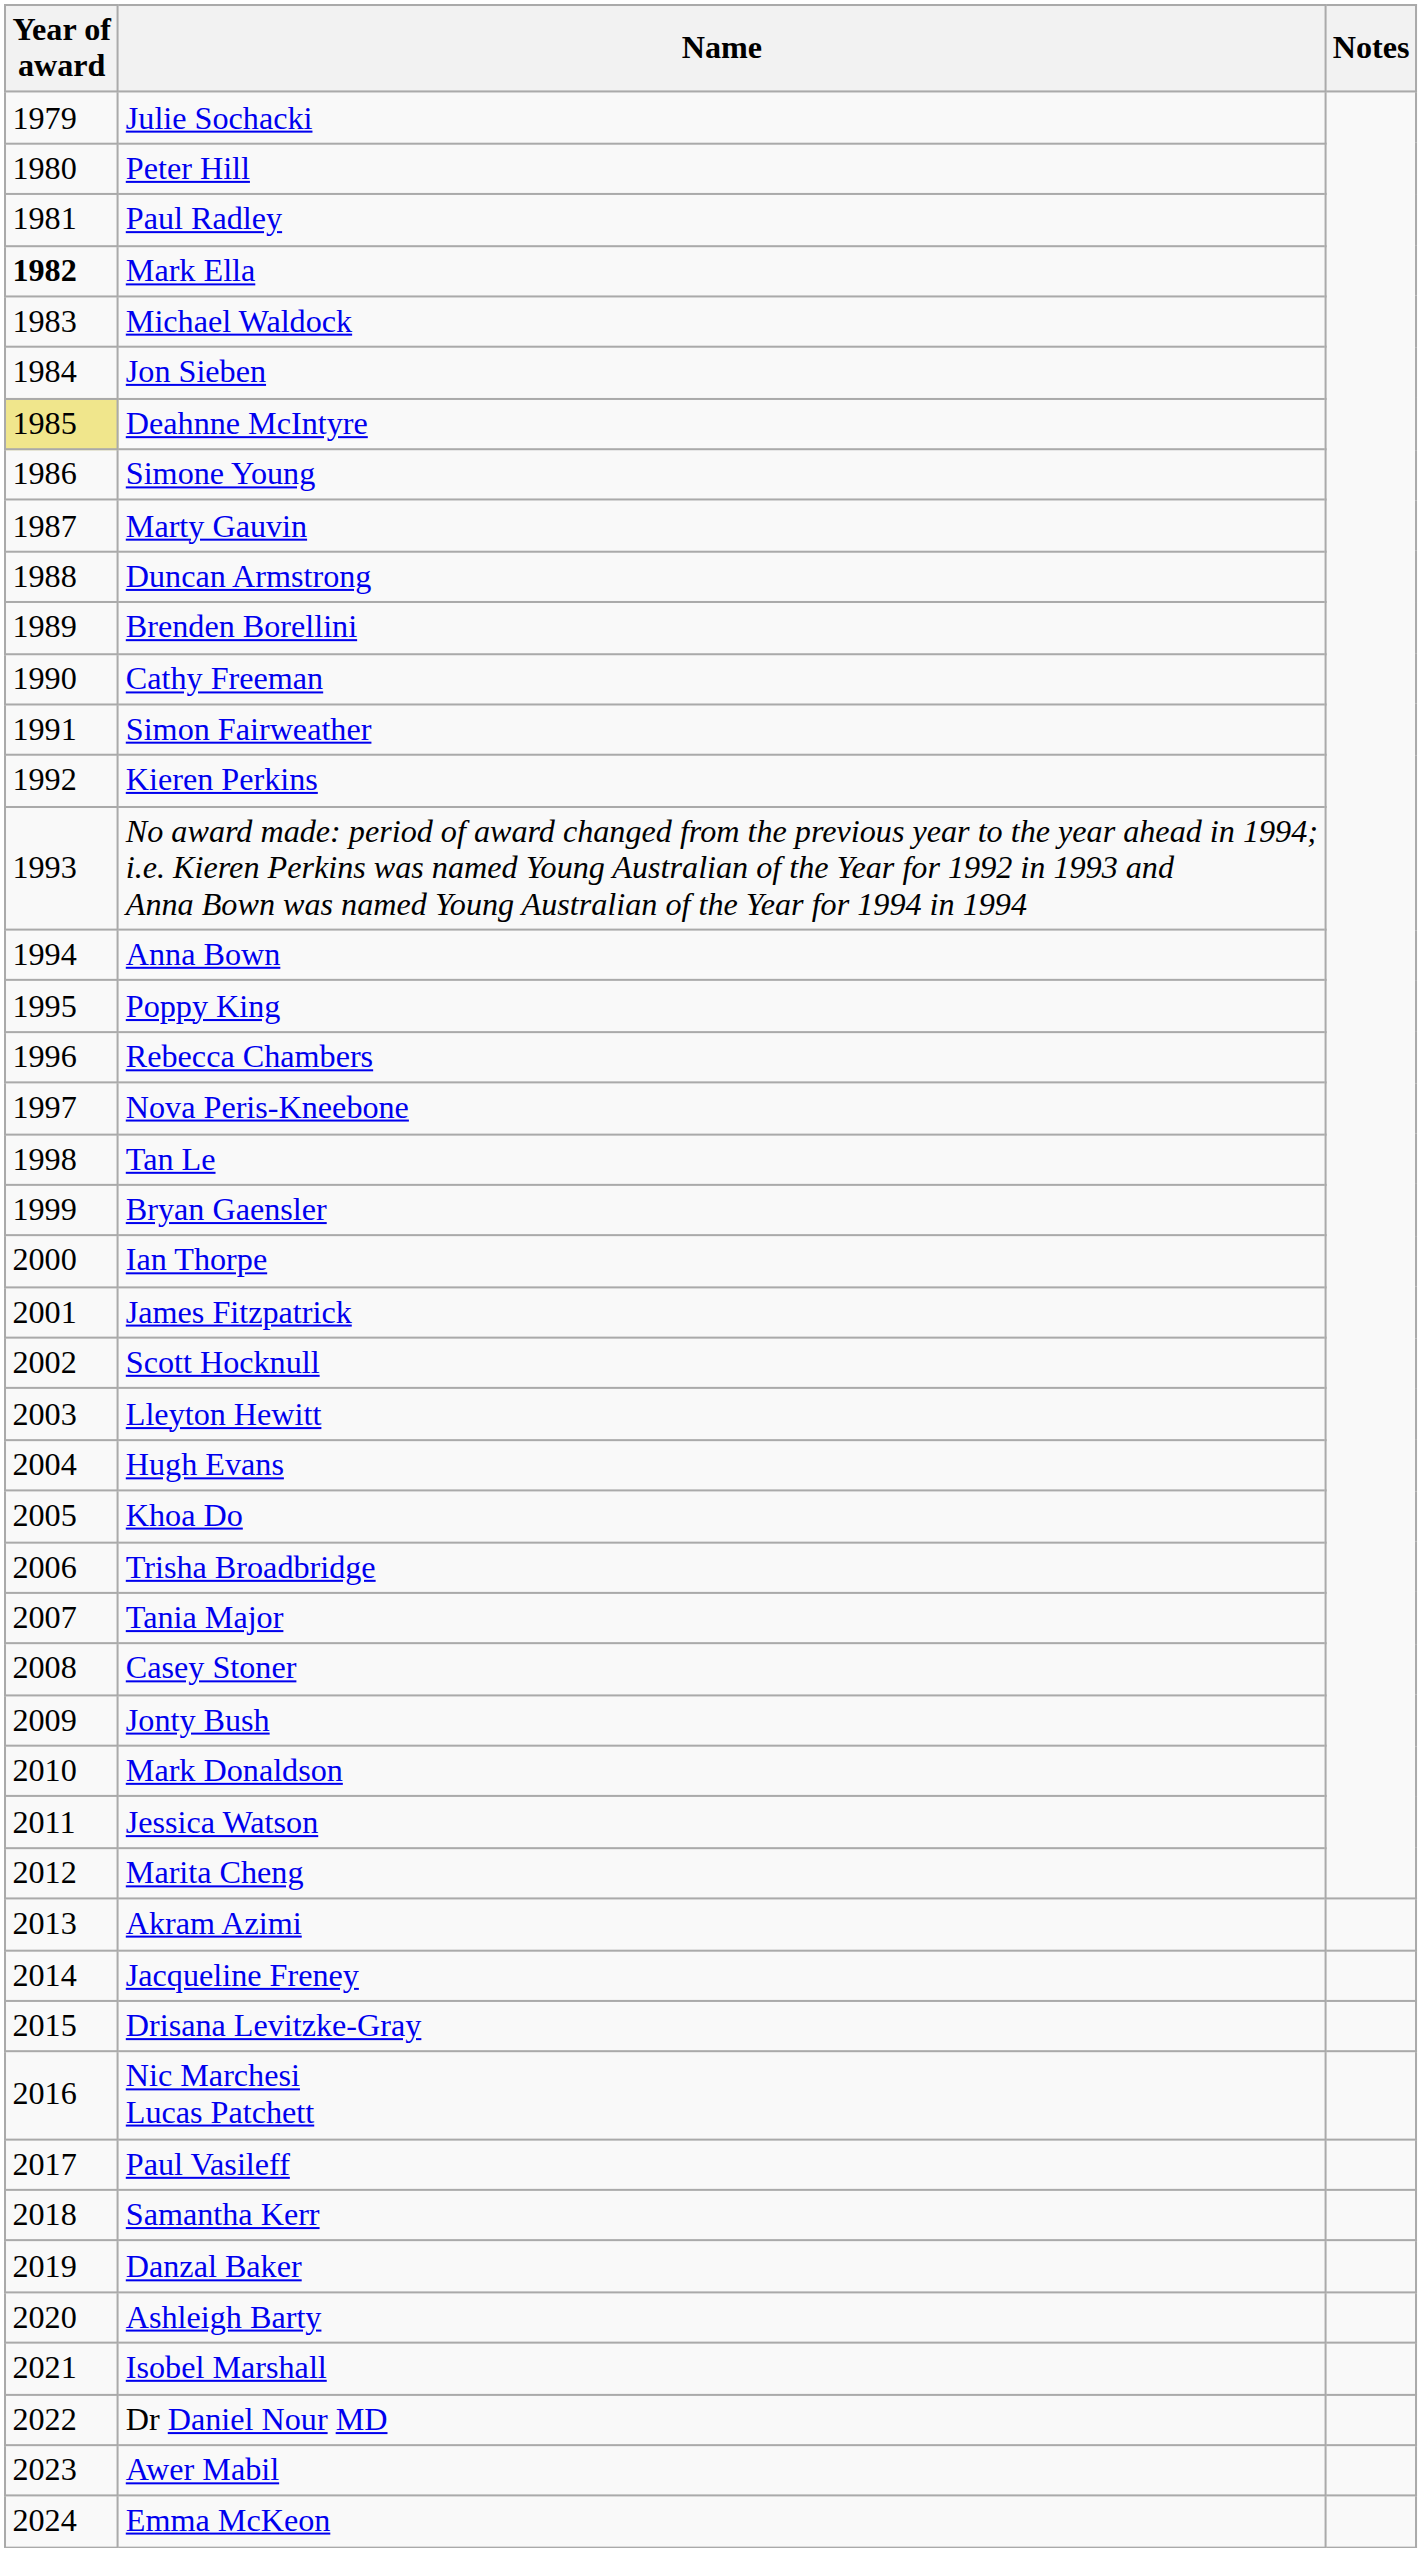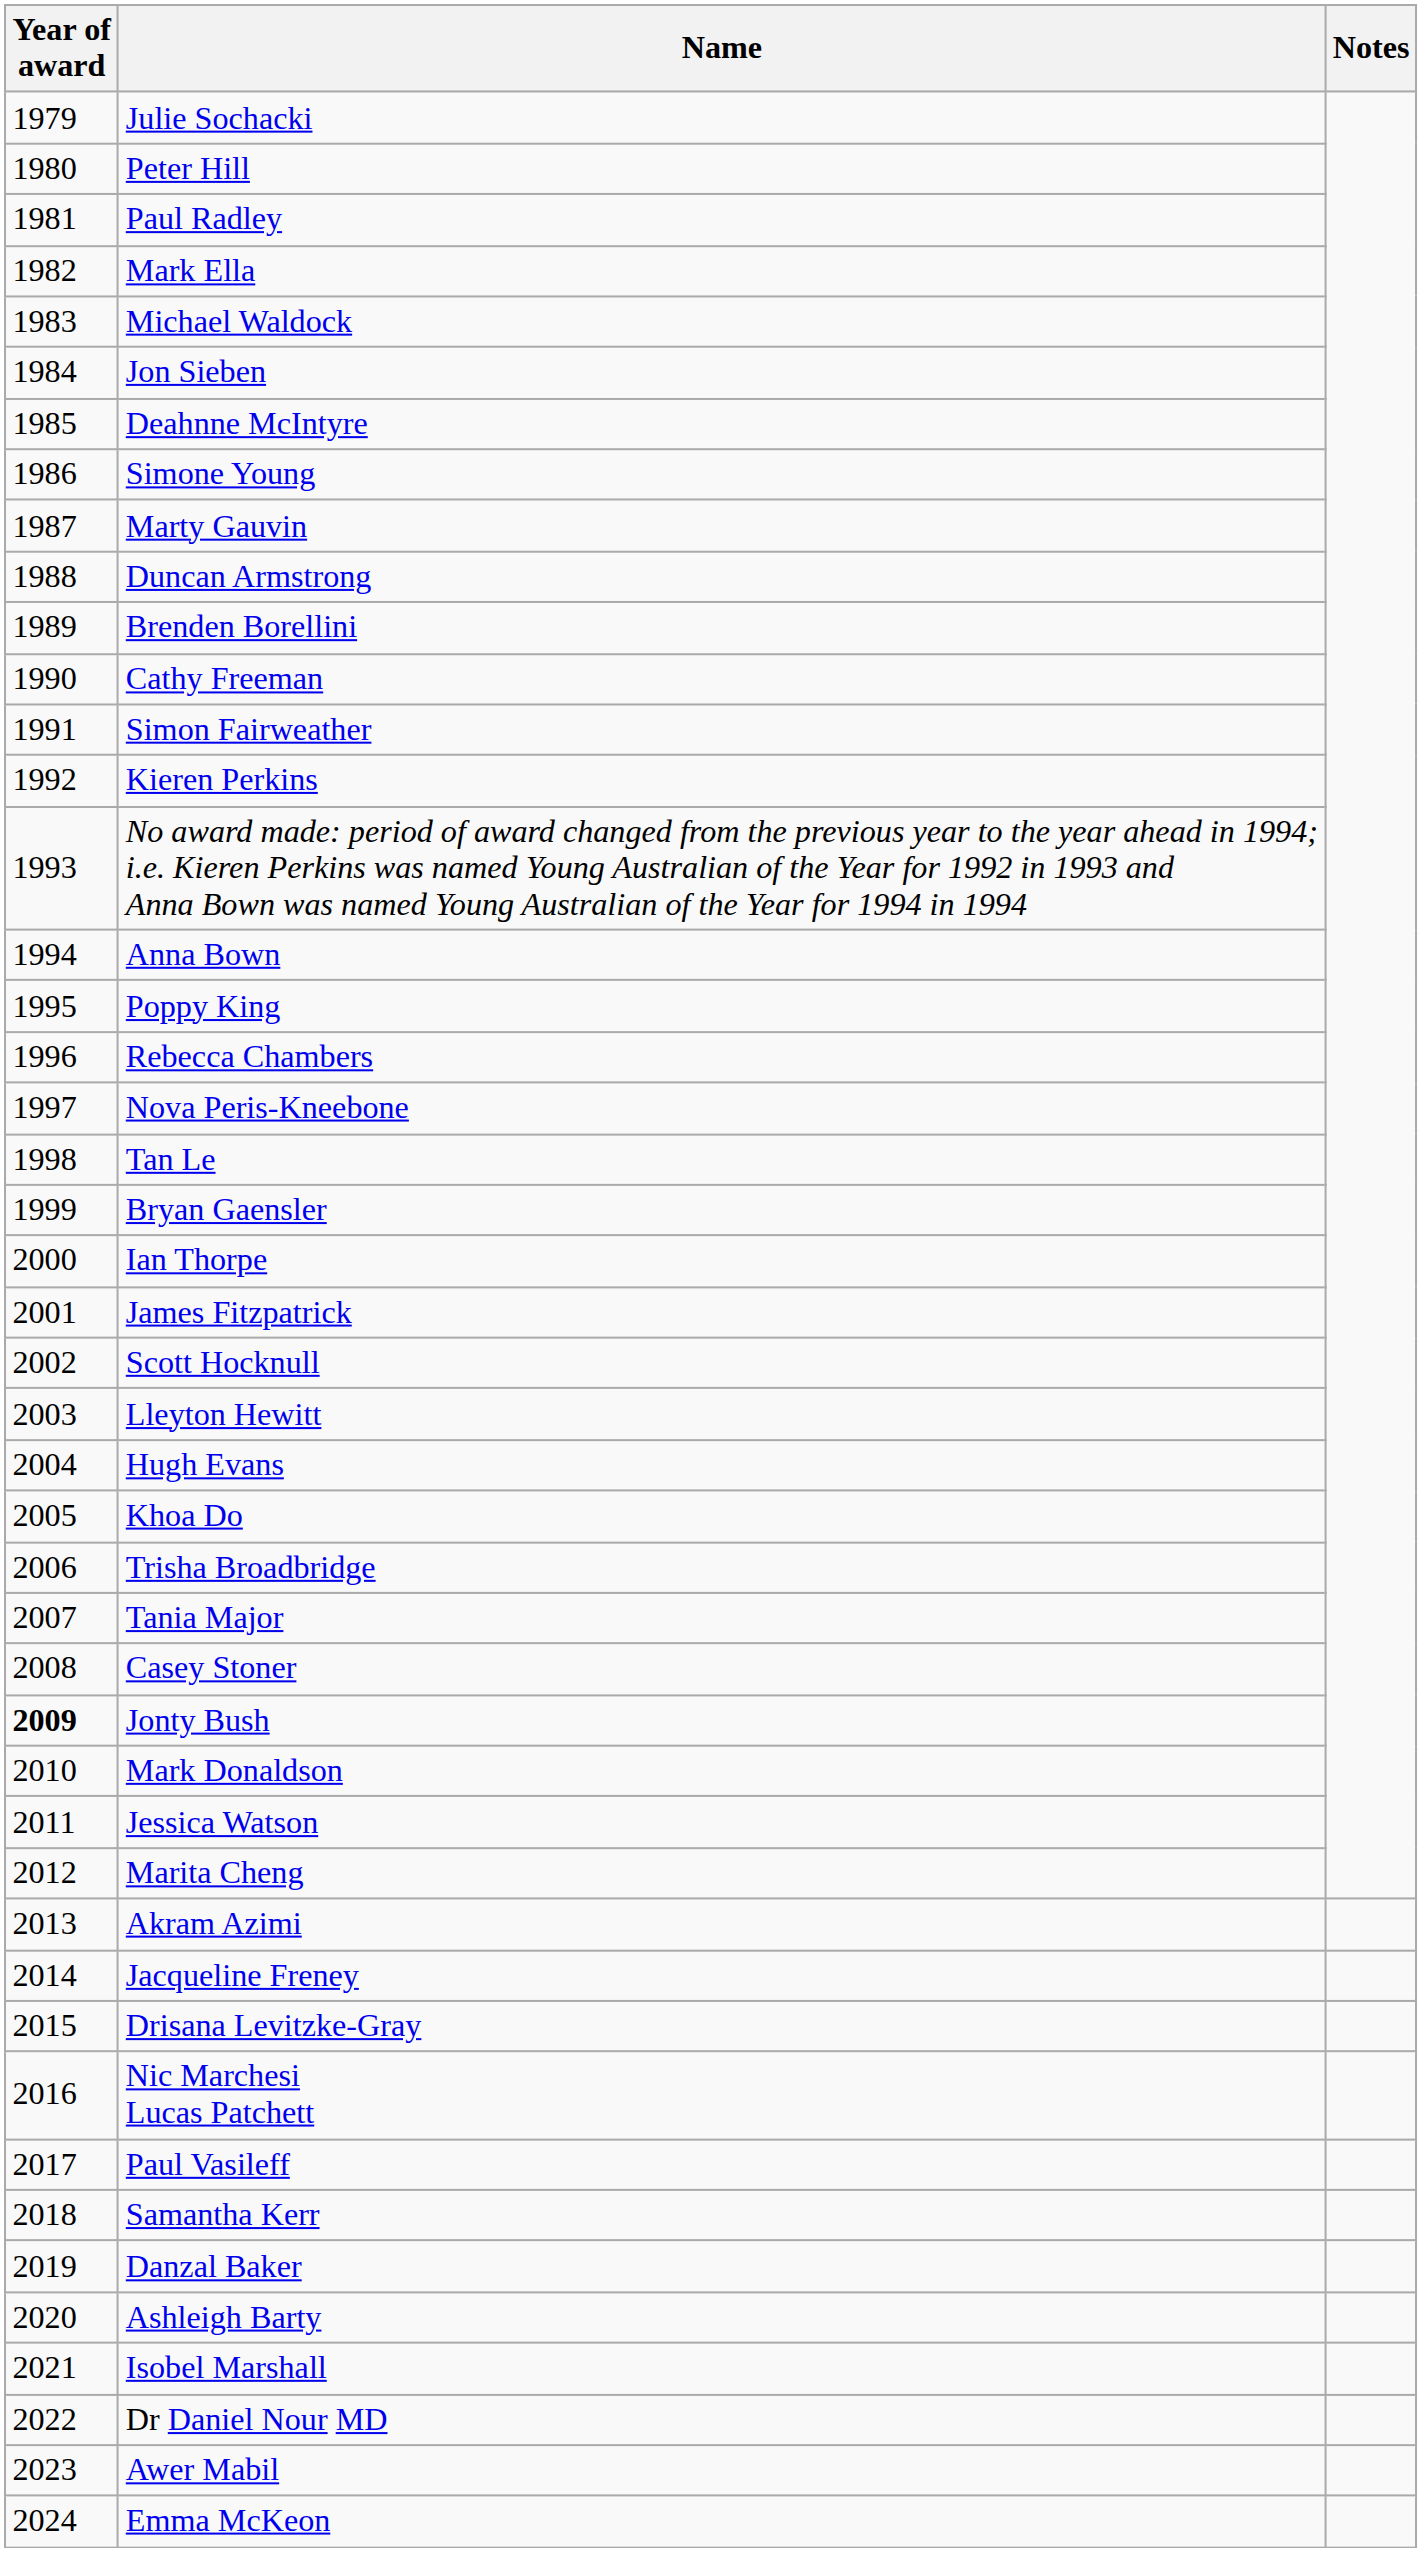 <table class=wikitable>
 <tr>
 <th>Year of<br>award</th>
 <th>Name</th>
 <th>Notes</th>
 </tr>
 <tr>
 <td>1979</td>
 <td><a href='#'>Julie Sochacki</a></td>
 <td rowspan=34></td>
 </tr>
 <tr>
 <td>1980</td>
 <td><a href='#'>Peter Hill</a></td>
 </tr>
 <tr>
 <td>1981</td>
 <td><a href='#'>Paul Radley</a></td>
 </tr>
 <tr>
-<td><strong>1982</strong></td>
+<td>1982</td>
 <td><a href='#'>Mark Ella</a> </td>
 </tr>
 <tr>
 <td>1983</td>
 <td><a href='#'>Michael Waldock</a></td>
 </tr>
 <tr>
 <td>1984</td>
 <td><a href='#'>Jon Sieben</a> </td>
 </tr>
 <tr>
-<td style="background: khaki;">1985</td>
+<td>1985</td>
 <td><a href='#'>Deahnne McIntyre</a> </td>
 </tr>
 <tr>
 <td>1986</td>
 <td><a href='#'>Simone Young</a> </td>
 </tr>
 <tr>
 <td>1987</td>
 <td><a href='#'>Marty Gauvin</a></td>
 </tr>
 <tr>
 <td>1988</td>
 <td><a href='#'>Duncan Armstrong</a> </td>
 </tr>
 <tr>
 <td>1989</td>
 <td><a href='#'>Brenden Borellini</a></td>
 </tr>
 <tr>
 <td>1990</td>
 <td><a href='#'>Cathy Freeman</a> </td>
 </tr>
 <tr>
 <td>1991</td>
 <td><a href='#'>Simon Fairweather</a> </td>
 </tr>
 <tr>
 <td>1992</td>
 <td><a href='#'>Kieren Perkins</a> </td>
 </tr>
 <tr>
 <td>1993</td>
 <td><em>No award made: period of award changed from the previous year to the year ahead in 1994;<br>i.e. Kieren Perkins was named Young Australian of the Year for 1992 in 1993 and<br>Anna Bown was named Young Australian of the Year for 1994 in 1994</em></td>
 </tr>
 <tr>
 <td>1994</td>
 <td><a href='#'>Anna Bown</a></td>
 </tr>
 <tr>
 <td>1995</td>
 <td><a href='#'>Poppy King</a></td>
 </tr>
 <tr>
 <td>1996</td>
 <td><a href='#'>Rebecca Chambers</a></td>
 </tr>
 <tr>
 <td>1997</td>
 <td><a href='#'>Nova Peris-Kneebone</a> </td>
 </tr>
 <tr>
 <td>1998</td>
 <td><a href='#'>Tan Le</a></td>
 </tr>
 <tr>
 <td>1999</td>
 <td><a href='#'>Bryan Gaensler</a></td>
 </tr>
 <tr>
 <td>2000</td>
 <td><a href='#'>Ian Thorpe</a> </td>
 </tr>
 <tr>
 <td>2001</td>
 <td><a href='#'>James Fitzpatrick</a></td>
 </tr>
 <tr>
 <td>2002</td>
 <td><a href='#'>Scott Hocknull</a></td>
 </tr>
 <tr>
 <td>2003</td>
 <td><a href='#'>Lleyton Hewitt</a> </td>
 </tr>
 <tr>
 <td>2004</td>
 <td><a href='#'>Hugh Evans</a></td>
 </tr>
 <tr>
 <td>2005</td>
 <td><a href='#'>Khoa Do</a></td>
 </tr>
 <tr>
 <td>2006</td>
 <td><a href='#'>Trisha Broadbridge</a></td>
 </tr>
 <tr>
 <td>2007</td>
 <td><a href='#'>Tania Major</a></td>
 </tr>
 <tr>
 <td>2008</td>
 <td><a href='#'>Casey Stoner</a> </td>
 </tr>
 <tr>
-<td>2009</td>
+<td><strong>2009</strong></td>
 <td><a href='#'>Jonty Bush</a></td>
 </tr>
 <tr>
 <td>2010</td>
 <td><a href='#'>Mark Donaldson</a> </td>
 </tr>
 <tr>
 <td>2011</td>
 <td><a href='#'>Jessica Watson</a> </td>
 </tr>
 <tr>
 <td>2012</td>
 <td><a href='#'>Marita Cheng</a> </td>
 </tr>
 <tr>
 <td>2013</td>
 <td><a href='#'>Akram Azimi</a></td>
 <td></td>
 </tr>
 <tr>
 <td>2014</td>
 <td><a href='#'>Jacqueline Freney</a> </td>
 <td></td>
 </tr>
 <tr>
 <td>2015</td>
 <td><a href='#'>Drisana Levitzke-Gray</a></td>
 <td></td>
 </tr>
 <tr>
 <td>2016</td>
 <td><a href='#'>Nic Marchesi</a>   <br><a href='#'>Lucas Patchett</a>  </td>
 <td></td>
 </tr>
 <tr>
 <td>2017</td>
 <td><a href='#'>Paul Vasileff</a></td>
 <td></td>
 </tr>
 <tr>
 <td>2018</td>
 <td><a href='#'>Samantha Kerr</a> </td>
 <td></td>
 </tr>
 <tr>
 <td>2019</td>
 <td><a href='#'>Danzal Baker</a></td>
 <td></td>
 </tr>
 <tr>
 <td>2020</td>
 <td><a href='#'>Ashleigh Barty</a></td>
 <td></td>
 </tr>
 <tr>
 <td>2021</td>
 <td><a href='#'>Isobel Marshall</a></td>
 <td></td>
 </tr>
 <tr>
 <td>2022</td>
 <td>Dr <a href='#'>Daniel Nour</a> <a href='#'>MD</a></td>
 <td></td>
 </tr>
 <tr>
 <td>2023</td>
 <td><a href='#'>Awer Mabil</a></td>
 <td></td>
 </tr>
 <tr>
 <td>2024</td>
 <td><a href='#'>Emma McKeon</a></td>
 <td></td>
 </tr>
 </table>
